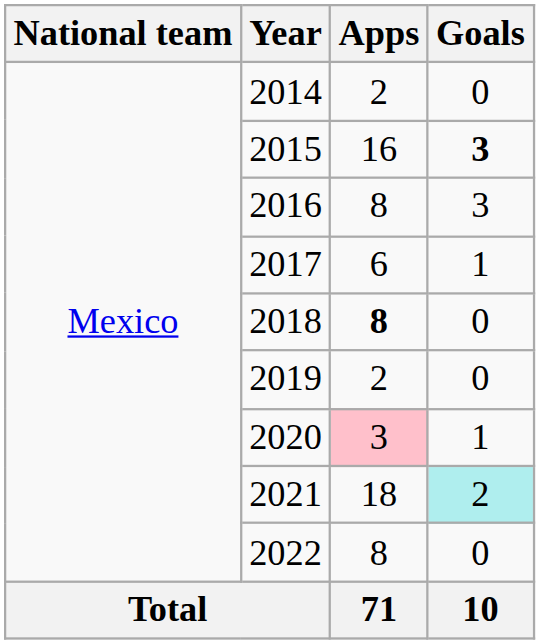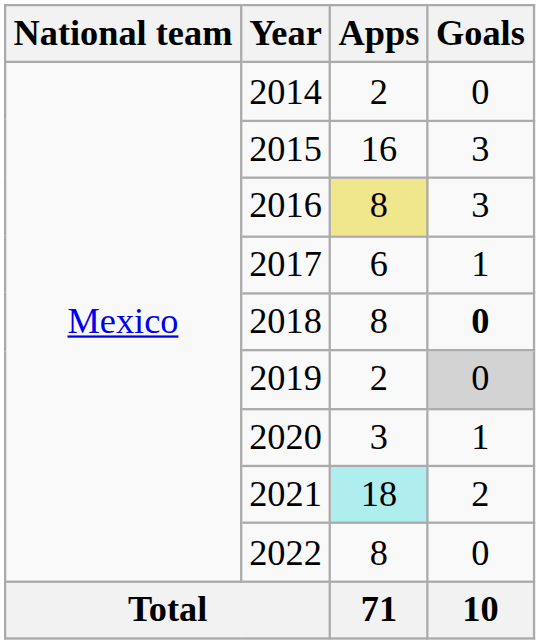 <table class="wikitable" style="text-align:center">
 <tr>
 <th>National team</th>
 <th>Year</th>
 <th>Apps</th>
 <th>Goals</th>
 </tr>
 <tr>
 <td rowspan="9"><a href='#'>Mexico</a></td>
 <td>2014</td>
 <td>2</td>
 <td>0</td>
 </tr>
 <tr>
 <td>2015</td>
 <td>16</td>
-<td><strong>3</strong></td>
+<td>3</td>
 </tr>
 <tr>
 <td>2016</td>
-<td>8</td>
+<td style="background: khaki;">8</td>
 <td>3</td>
 </tr>
 <tr>
 <td>2017</td>
 <td>6</td>
 <td>1</td>
 </tr>
 <tr>
 <td>2018</td>
-<td><strong>8</strong></td>
-<td>0</td>
+<td>8</td>
+<td><strong>0</strong></td>
 </tr>
 <tr>
 <td>2019</td>
 <td>2</td>
-<td>0</td>
+<td style="background: lightgrey;">0</td>
 </tr>
 <tr>
 <td>2020</td>
-<td style="background: pink;">3</td>
+<td>3</td>
 <td>1</td>
 </tr>
 <tr>
 <td>2021</td>
-<td>18</td>
-<td style="background: paleturquoise;">2</td>
+<td style="background: paleturquoise;">18</td>
+<td>2</td>
 </tr>
 <tr>
 <td>2022</td>
 <td>8</td>
 <td>0</td>
 </tr>
 <tr>
 <th colspan="2">Total</th>
 <th>71</th>
 <th>10</th>
 </tr>
 </table>
